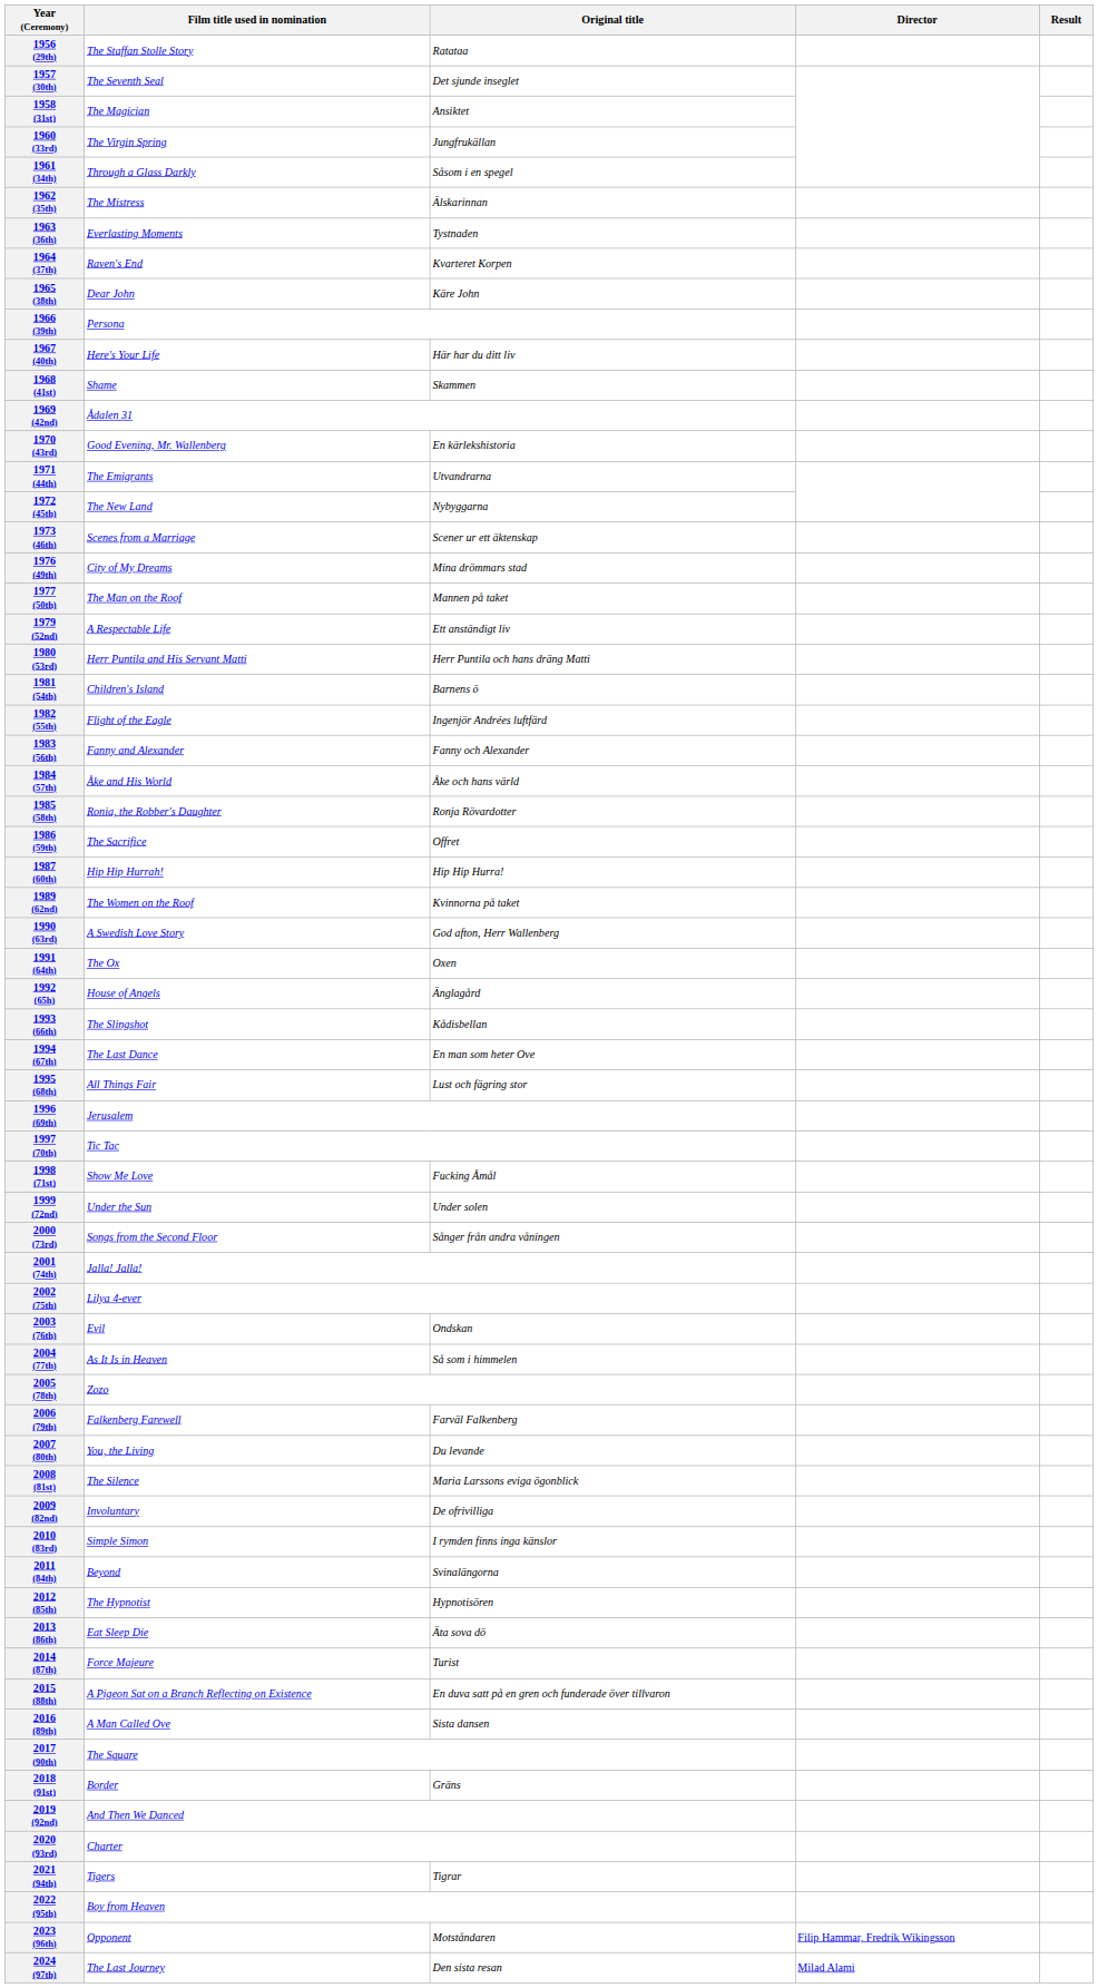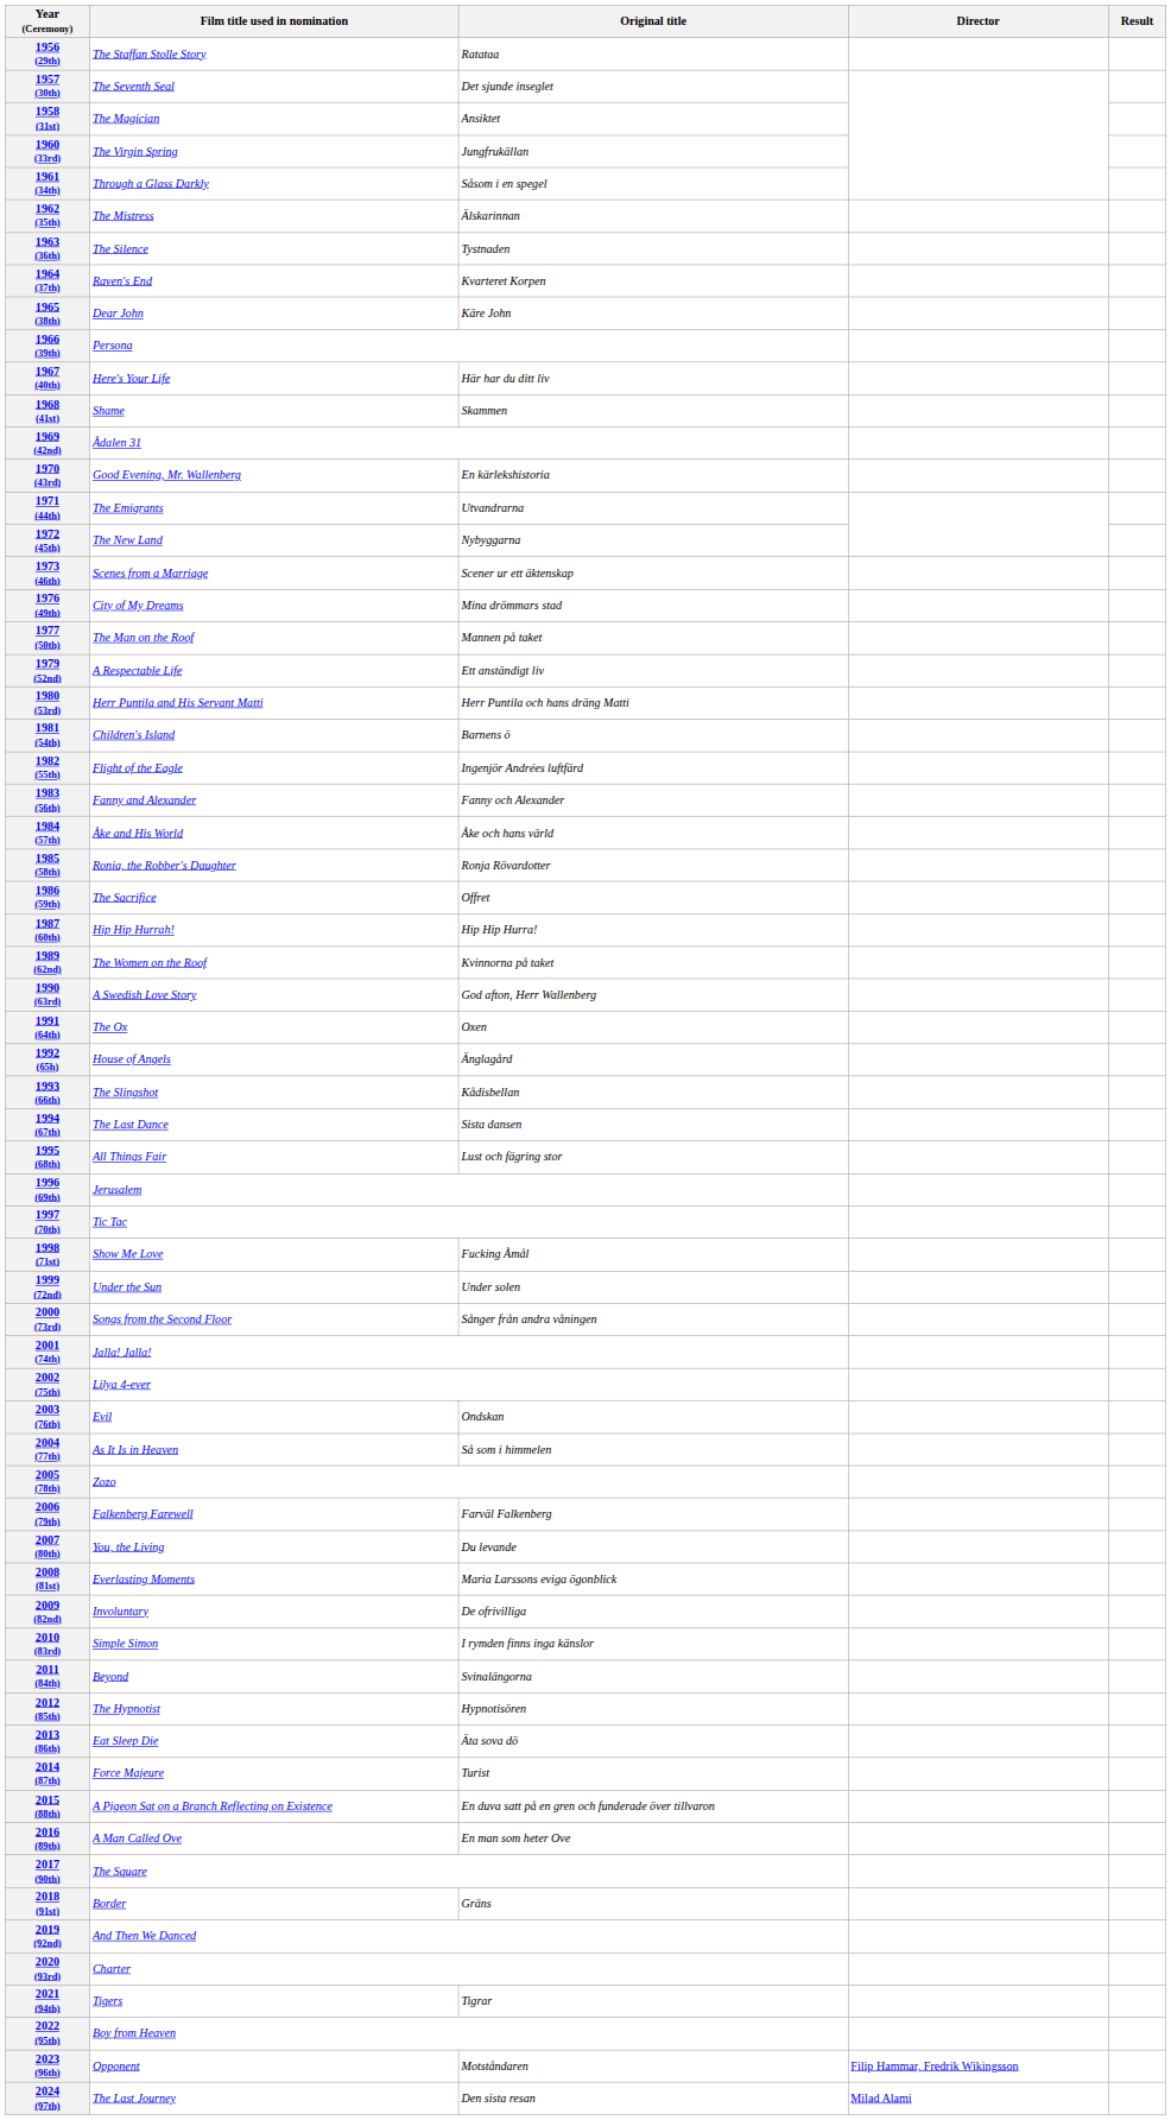 <table class="wikitable sortable" width="98%" style="background:#ffffff;">
 <tr>
 <th>Year<br><small>(Ceremony)</small></th>
 <th>Film title used in nomination</th>
 <th>Original title</th>
 <th>Director</th>
 <th>Result</th>
 </tr>
 <tr>
 <th align="center"><a href='#'>1956</a><br><small><a href='#'>(29th)</a></small></th>
 <td><em><a href='#'>The Staffan Stolle Story</a></em></td>
 <td><em>Ratataa</em></td>
 <td></td>
 <td></td>
 </tr>
 <tr>
 <th align="center"><a href='#'>1957</a><br><small><a href='#'>(30th)</a></small></th>
 <td><em><a href='#'>The Seventh Seal</a></em></td>
 <td><em>Det sjunde inseglet</em></td>
 <td rowspan="4"></td>
 <td></td>
 </tr>
 <tr>
 <th align="center"><a href='#'>1958</a><br><small><a href='#'>(31st)</a></small></th>
 <td><em><a href='#'>The Magician</a></em></td>
 <td><em>Ansiktet</em></td>
 <td></td>
 </tr>
 <tr>
 <th align="center"><a href='#'>1960</a><br><small><a href='#'>(33rd)</a></small></th>
 <td><em><a href='#'>The Virgin Spring</a></em></td>
 <td><em>Jungfrukällan</em></td>
 <td></td>
 </tr>
 <tr>
 <th align="center"><a href='#'>1961</a><br><small><a href='#'>(34th)</a></small></th>
 <td><em><a href='#'>Through a Glass Darkly</a></em></td>
 <td><em>Såsom i en spegel</em></td>
 <td></td>
 </tr>
 <tr>
 <th align="center"><a href='#'>1962</a><br><small><a href='#'>(35th)</a></small></th>
 <td><em><a href='#'>The Mistress</a></em></td>
 <td><em>Älskarinnan</em></td>
 <td></td>
 <td></td>
 </tr>
 <tr>
 <th align="center"><a href='#'>1963</a><br><small><a href='#'>(36th)</a></small></th>
-<td><em><a href='#'>Everlasting Moments</a></em></td>
+<td><em><a href='#'>The Silence</a></em></td>
 <td><em>Tystnaden</em></td>
 <td></td>
 <td></td>
 </tr>
 <tr>
 <th align="center"><a href='#'>1964</a><br><small><a href='#'>(37th)</a></small></th>
 <td><em><a href='#'>Raven's End</a></em></td>
 <td><em>Kvarteret Korpen</em></td>
 <td></td>
 <td></td>
 </tr>
 <tr>
 <th align="center"><a href='#'>1965</a><br><small><a href='#'>(38th)</a></small></th>
 <td><em><a href='#'>Dear John</a></em></td>
 <td><em>Käre John</em></td>
 <td></td>
 <td></td>
 </tr>
 <tr>
 <th align="center"><a href='#'>1966</a><br><small><a href='#'>(39th)</a></small></th>
 <td colspan="2"><em><a href='#'>Persona</a></em></td>
 <td></td>
 <td></td>
 </tr>
 <tr>
 <th align="center"><a href='#'>1967</a><br><small><a href='#'>(40th)</a></small></th>
 <td><em><a href='#'>Here's Your Life</a></em></td>
 <td><em>Här har du ditt liv</em></td>
 <td></td>
 <td></td>
 </tr>
 <tr>
 <th align="center"><a href='#'>1968</a><br><small><a href='#'>(41st)</a></small></th>
 <td><em><a href='#'>Shame</a></em></td>
 <td><em>Skammen</em></td>
 <td></td>
 <td></td>
 </tr>
 <tr>
 <th align="center"><a href='#'>1969</a><br><small><a href='#'>(42nd)</a></small></th>
 <td colspan="2"><em><a href='#'>Ådalen 31</a></em></td>
 <td></td>
 <td></td>
 </tr>
 <tr>
 <th align="center"><a href='#'>1970</a><br><small><a href='#'>(43rd)</a></small></th>
 <td><em><a href='#'>Good Evening, Mr. Wallenberg</a></em></td>
 <td><em>En kärlekshistoria</em></td>
 <td></td>
 <td></td>
 </tr>
 <tr>
 <th align="center"><a href='#'>1971</a><br><small><a href='#'>(44th)</a></small></th>
 <td><em><a href='#'>The Emigrants</a></em></td>
 <td><em>Utvandrarna</em></td>
 <td rowspan="2"></td>
 <td></td>
 </tr>
 <tr>
 <th align="center"><a href='#'>1972</a><br><small><a href='#'>(45th)</a></small></th>
 <td><em><a href='#'>The New Land</a></em></td>
 <td><em>Nybyggarna</em></td>
 <td></td>
 </tr>
 <tr>
 <th align="center"><a href='#'>1973</a><br><small><a href='#'>(46th)</a></small></th>
 <td><em><a href='#'>Scenes from a Marriage</a></em></td>
 <td><em>Scener ur ett äktenskap</em></td>
 <td></td>
 <td></td>
 </tr>
 <tr>
 <th align="center"><a href='#'>1976</a><br><small><a href='#'>(49th)</a></small></th>
 <td><em><a href='#'>City of My Dreams</a></em></td>
 <td><em>Mina drömmars stad</em></td>
 <td></td>
 <td></td>
 </tr>
 <tr>
 <th align="center"><a href='#'>1977</a><br><small><a href='#'>(50th)</a></small></th>
 <td><em><a href='#'>The Man on the Roof</a></em></td>
 <td><em>Mannen på taket</em></td>
 <td></td>
 <td></td>
 </tr>
 <tr>
 <th align="center"><a href='#'>1979</a><br><small><a href='#'>(52nd)</a></small></th>
 <td><em><a href='#'>A Respectable Life</a></em></td>
 <td><em>Ett anständigt liv</em></td>
 <td></td>
 <td></td>
 </tr>
 <tr>
 <th align="center"><a href='#'>1980</a><br><small><a href='#'>(53rd)</a></small></th>
 <td><em><a href='#'>Herr Puntila and His Servant Matti</a></em></td>
 <td><em>Herr Puntila och hans dräng Matti</em></td>
 <td></td>
 <td></td>
 </tr>
 <tr>
 <th align="center"><a href='#'>1981</a><br><small><a href='#'>(54th)</a></small></th>
 <td><em><a href='#'>Children's Island</a></em></td>
 <td><em>Barnens ö</em></td>
 <td></td>
 <td></td>
 </tr>
 <tr>
 <th align="center"><a href='#'>1982</a><br><small><a href='#'>(55th)</a></small></th>
 <td><em><a href='#'>Flight of the Eagle</a></em></td>
 <td><em>Ingenjör Andrées luftfärd</em></td>
 <td></td>
 <td></td>
 </tr>
 <tr>
 <th align="center"><a href='#'>1983</a><br><small><a href='#'>(56th)</a></small></th>
 <td><em><a href='#'>Fanny and Alexander</a></em></td>
 <td><em>Fanny och Alexander</em></td>
 <td></td>
 <td></td>
 </tr>
 <tr>
 <th align="center"><a href='#'>1984</a><br><small><a href='#'>(57th)</a></small></th>
 <td><em><a href='#'>Åke and His World</a></em></td>
 <td><em>Åke och hans värld</em></td>
 <td></td>
 <td></td>
 </tr>
 <tr>
 <th align="center"><a href='#'>1985</a><br><small><a href='#'>(58th)</a></small></th>
 <td><em><a href='#'>Ronia, the Robber's Daughter</a></em></td>
 <td><em>Ronja Rövardotter</em></td>
 <td></td>
 <td></td>
 </tr>
 <tr>
 <th align="center"><a href='#'>1986</a><br><small><a href='#'>(59th)</a></small></th>
 <td><em><a href='#'>The Sacrifice</a></em></td>
 <td><em>Offret</em></td>
 <td></td>
 <td></td>
 </tr>
 <tr>
 <th align="center"><a href='#'>1987</a><br><small><a href='#'>(60th)</a></small></th>
 <td><em><a href='#'>Hip Hip Hurrah!</a></em></td>
 <td><em>Hip Hip Hurra!</em></td>
 <td></td>
 <td></td>
 </tr>
 <tr>
 <th align="center"><a href='#'>1989</a><br><small><a href='#'>(62nd)</a></small></th>
 <td><em><a href='#'>The Women on the Roof</a></em></td>
 <td><em>Kvinnorna på taket</em></td>
 <td></td>
 <td></td>
 </tr>
 <tr>
 <th align="center"><a href='#'>1990</a><br><small><a href='#'>(63rd)</a></small></th>
 <td><em><a href='#'>A Swedish Love Story</a></em></td>
 <td><em>God afton, Herr Wallenberg</em></td>
 <td></td>
 <td></td>
 </tr>
 <tr>
 <th align="center"><a href='#'>1991</a><br><small><a href='#'>(64th)</a></small></th>
 <td><em><a href='#'>The Ox</a></em></td>
 <td><em>Oxen</em></td>
 <td></td>
 <td></td>
 </tr>
 <tr>
 <th align="center"><a href='#'>1992</a><br><small><a href='#'>(65h)</a></small></th>
 <td><em><a href='#'>House of Angels</a></em></td>
 <td><em>Änglagård</em></td>
 <td></td>
 <td></td>
 </tr>
 <tr>
 <th align="center"><a href='#'>1993</a><br><small><a href='#'>(66th)</a></small></th>
 <td><em><a href='#'>The Slingshot</a></em></td>
 <td><em>Kådisbellan</em></td>
 <td></td>
 <td></td>
 </tr>
 <tr>
 <th align="center"><a href='#'>1994</a><br><small><a href='#'>(67th)</a></small></th>
 <td><em><a href='#'>The Last Dance</a></em></td>
-<td><em>En man som heter Ove</em></td>
+<td><em>Sista dansen</em></td>
 <td></td>
 <td></td>
 </tr>
 <tr>
 <th align="center"><a href='#'>1995</a><br><small><a href='#'>(68th)</a></small></th>
 <td><em><a href='#'>All Things Fair</a></em></td>
 <td><em>Lust och fägring stor</em></td>
 <td></td>
 <td></td>
 </tr>
 <tr>
 <th align="center"><a href='#'>1996</a><br><small><a href='#'>(69th)</a></small></th>
 <td colspan="2"><em><a href='#'>Jerusalem</a></em></td>
 <td></td>
 <td></td>
 </tr>
 <tr>
 <th align="center"><a href='#'>1997</a><br><small><a href='#'>(70th)</a></small></th>
 <td colspan="2"><em><a href='#'>Tic Tac</a></em></td>
 <td></td>
 <td></td>
 </tr>
 <tr>
 <th align="center"><a href='#'>1998</a><br><small><a href='#'>(71st)</a></small></th>
 <td><em><a href='#'>Show Me Love</a></em></td>
 <td><em>Fucking Åmål</em></td>
 <td></td>
 <td></td>
 </tr>
 <tr>
 <th align="center"><a href='#'>1999</a><br><small><a href='#'>(72nd)</a></small></th>
 <td><em><a href='#'>Under the Sun</a></em></td>
 <td><em>Under solen</em></td>
 <td></td>
 <td></td>
 </tr>
 <tr>
 <th align="center"><a href='#'>2000</a><br><small><a href='#'>(73rd)</a></small></th>
 <td><em><a href='#'>Songs from the Second Floor</a></em></td>
 <td><em>Sånger från andra våningen</em></td>
 <td></td>
 <td></td>
 </tr>
 <tr>
 <th align="center"><a href='#'>2001</a><br><small><a href='#'>(74th)</a></small></th>
 <td colspan="2"><em><a href='#'>Jalla! Jalla!</a></em></td>
 <td></td>
 <td></td>
 </tr>
 <tr>
 <th align="center"><a href='#'>2002</a><br><small><a href='#'>(75th)</a></small></th>
 <td colspan="2"><em><a href='#'>Lilya 4-ever</a></em></td>
 <td></td>
 <td></td>
 </tr>
 <tr>
 <th align="center"><a href='#'>2003</a><br><small><a href='#'>(76th)</a></small></th>
 <td><em><a href='#'>Evil</a></em></td>
 <td><em>Ondskan</em></td>
 <td></td>
 <td></td>
 </tr>
 <tr>
 <th align="center"><a href='#'>2004</a><br><small><a href='#'>(77th)</a></small></th>
 <td><em><a href='#'>As It Is in Heaven</a></em></td>
 <td><em>Så som i himmelen</em></td>
 <td></td>
 <td></td>
 </tr>
 <tr>
 <th align="center"><a href='#'>2005</a><br><small><a href='#'>(78th)</a></small></th>
 <td colspan="2"><em><a href='#'>Zozo</a></em></td>
 <td></td>
 <td></td>
 </tr>
 <tr>
 <th align="center"><a href='#'>2006</a><br><small><a href='#'>(79th)</a></small></th>
 <td><em><a href='#'>Falkenberg Farewell</a></em></td>
 <td><em>Farväl Falkenberg</em></td>
 <td></td>
 <td></td>
 </tr>
 <tr>
 <th align="center"><a href='#'>2007</a><br><small><a href='#'>(80th)</a></small></th>
 <td><em><a href='#'>You, the Living</a></em></td>
 <td><em>Du levande</em></td>
 <td></td>
 <td></td>
 </tr>
 <tr>
 <th align="center"><a href='#'>2008</a><br><small><a href='#'>(81st)</a></small></th>
-<td><em><a href='#'>The Silence</a></em></td>
+<td><em><a href='#'>Everlasting Moments</a></em></td>
 <td><em>Maria Larssons eviga ögonblick</em></td>
 <td></td>
 <td></td>
 </tr>
 <tr>
 <th align="center"><a href='#'>2009</a><br><small><a href='#'>(82nd)</a></small></th>
 <td><em><a href='#'>Involuntary</a></em></td>
 <td><em>De ofrivilliga</em></td>
 <td></td>
 <td></td>
 </tr>
 <tr>
 <th align="center"><a href='#'>2010</a><br><small><a href='#'>(83rd)</a></small></th>
 <td><em><a href='#'>Simple Simon</a></em></td>
 <td><em>I rymden finns inga känslor</em></td>
 <td></td>
 <td></td>
 </tr>
 <tr>
 <th align="center"><a href='#'>2011</a><br><small><a href='#'>(84th)</a></small></th>
 <td><em><a href='#'>Beyond</a></em></td>
 <td><em>Svinalängorna</em></td>
 <td></td>
 <td></td>
 </tr>
 <tr>
 <th align="center"><a href='#'>2012</a><br><small><a href='#'>(85th)</a></small></th>
 <td><em><a href='#'>The Hypnotist</a></em></td>
 <td><em>Hypnotisören</em></td>
 <td></td>
 <td></td>
 </tr>
 <tr>
 <th align="center"><a href='#'>2013</a><br><small><a href='#'>(86th)</a></small></th>
 <td><em><a href='#'>Eat Sleep Die</a></em></td>
 <td><em>Äta sova dö</em></td>
 <td></td>
 <td></td>
 </tr>
 <tr>
 <th align="center"><a href='#'>2014</a><br><small><a href='#'>(87th)</a></small></th>
 <td><em><a href='#'>Force Majeure</a></em></td>
 <td><em>Turist</em></td>
 <td></td>
 <td></td>
 </tr>
 <tr>
 <th align="center"><a href='#'>2015</a><br><small><a href='#'>(88th)</a></small></th>
 <td><em><a href='#'>A Pigeon Sat on a Branch Reflecting on Existence</a></em></td>
 <td><em>En duva satt på en gren och funderade över tillvaron</em></td>
 <td></td>
 <td></td>
 </tr>
 <tr>
 <th align="center"><a href='#'>2016</a><br><small><a href='#'>(89th)</a></small></th>
 <td><em><a href='#'>A Man Called Ove</a></em></td>
-<td><em>Sista dansen</em></td>
+<td><em>En man som heter Ove</em></td>
 <td></td>
 <td></td>
 </tr>
 <tr>
 <th align="center"><a href='#'>2017</a><br><small><a href='#'>(90th)</a></small></th>
 <td colspan="2"><em><a href='#'>The Square</a></em></td>
 <td></td>
 <td></td>
 </tr>
 <tr>
 <th align="center"><a href='#'>2018</a><br><small><a href='#'>(91st)</a></small></th>
 <td><em><a href='#'>Border</a></em></td>
 <td><em>Gräns</em></td>
 <td></td>
 <td></td>
 </tr>
 <tr>
 <th align="center"><a href='#'>2019</a><br><small><a href='#'>(92nd)</a></small></th>
 <td colspan="2"><em><a href='#'>And Then We Danced</a></em></td>
 <td></td>
 <td></td>
 </tr>
 <tr>
 <th align="center"><a href='#'>2020</a><br><small><a href='#'>(93rd)</a></small></th>
 <td colspan="2"><em><a href='#'>Charter</a></em></td>
 <td></td>
 <td></td>
 </tr>
 <tr>
 <th align="center"><a href='#'>2021</a><br><small><a href='#'>(94th)</a></small></th>
 <td><em><a href='#'>Tigers</a></em></td>
 <td><em>Tigrar</em></td>
 <td></td>
 <td></td>
 </tr>
 <tr>
 <th align="center"><a href='#'>2022</a><br><small><a href='#'>(95th)</a></small></th>
 <td colspan="2"><em><a href='#'>Boy from Heaven</a></em></td>
 <td></td>
 <td></td>
 </tr>
 <tr>
 <th align="center"><a href='#'>2023</a><br><small><a href='#'>(96th)</a></small></th>
 <td><em><a href='#'>Opponent</a></em></td>
 <td><em>Motståndaren</em></td>
 <td><a href='#'>Filip Hammar, Fredrik Wikingsson</a></td>
 <td></td>
 </tr>
 <tr>
 <th><a href='#'>2024</a><br><small><a href='#'>(97th)</a></small></th>
 <td><em><a href='#'>The Last Journey</a></em></td>
 <td><em>Den sista resan</em></td>
 <td><a href='#'>Milad Alami</a></td>
 <td></td>
 </tr>
 </table>
